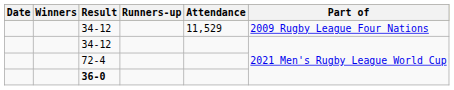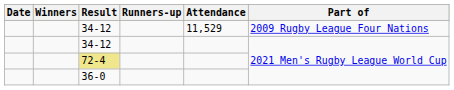 <table class="wikitable">
 <tr bgcolor=#bdb76b>
 <th>Date</th>
 <th>Winners</th>
 <th>Result</th>
 <th>Runners-up</th>
 <th>Attendance</th>
 <th>Part of</th>
 </tr>
 <tr>
 <td></td>
 <td></td>
 <td>34-12</td>
 <td></td>
 <td>11,529</td>
 <td><a href='#'>2009 Rugby League Four Nations</a></td>
 </tr>
 <tr>
 <td></td>
 <td></td>
 <td>34-12</td>
 <td></td>
 <td></td>
 <td rowspan=3><a href='#'>2021 Men's Rugby League World Cup</a></td>
 </tr>
 <tr>
 <td></td>
 <td></td>
-<td>72-4</td>
+<td style="background: khaki;">72-4</td>
 <td></td>
 <td></td>
 </tr>
 <tr>
 <td></td>
 <td></td>
-<td><strong>36-0</strong></td>
+<td>36-0</td>
 <td></td>
 <td></td>
 </tr>
 </table>
